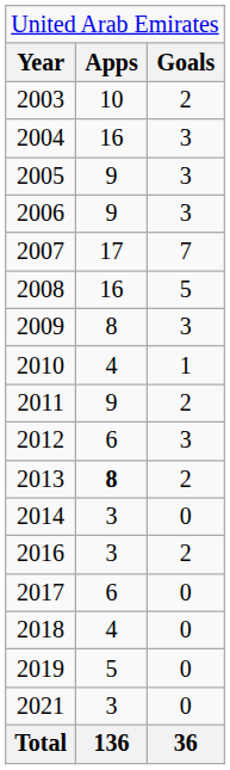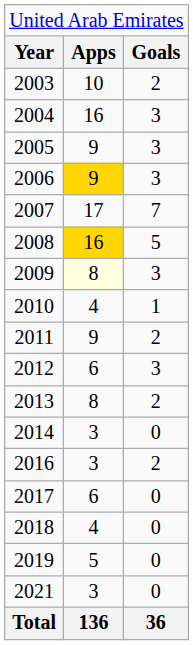 <table class="wikitable" style="text-align:center">
 <tr>
 <td colspan=3><a href='#'>United Arab Emirates</a></td>
 </tr>
 <tr>
 <th>Year</th>
 <th>Apps</th>
 <th>Goals</th>
 </tr>
 <tr>
 <td>2003</td>
 <td>10</td>
 <td>2</td>
 </tr>
 <tr>
 <td>2004</td>
 <td>16</td>
 <td>3</td>
 </tr>
 <tr>
 <td>2005</td>
 <td>9</td>
 <td>3</td>
 </tr>
 <tr>
 <td>2006</td>
-<td>9</td>
+<td style="background: gold;">9</td>
 <td>3</td>
 </tr>
 <tr>
 <td>2007</td>
 <td>17</td>
 <td>7</td>
 </tr>
 <tr>
 <td>2008</td>
-<td>16</td>
+<td style="background: gold;">16</td>
 <td>5</td>
 </tr>
 <tr>
 <td>2009</td>
-<td>8</td>
+<td style="background: lightyellow;">8</td>
 <td>3</td>
 </tr>
 <tr>
 <td>2010</td>
 <td>4</td>
 <td>1</td>
 </tr>
 <tr>
 <td>2011</td>
 <td>9</td>
 <td>2</td>
 </tr>
 <tr>
 <td>2012</td>
 <td>6</td>
 <td>3</td>
 </tr>
 <tr>
 <td>2013</td>
-<td><strong>8</strong></td>
+<td>8</td>
 <td>2</td>
 </tr>
 <tr>
 <td>2014</td>
 <td>3</td>
 <td>0</td>
 </tr>
 <tr>
 <td>2016</td>
 <td>3</td>
 <td>2</td>
 </tr>
 <tr>
 <td>2017</td>
 <td>6</td>
 <td>0</td>
 </tr>
 <tr>
 <td>2018</td>
 <td>4</td>
 <td>0</td>
 </tr>
 <tr>
 <td>2019</td>
 <td>5</td>
 <td>0</td>
 </tr>
 <tr>
 <td>2021</td>
 <td>3</td>
 <td>0</td>
 </tr>
 <tr>
 <th>Total</th>
 <th>136</th>
 <th>36</th>
 </tr>
 </table>
